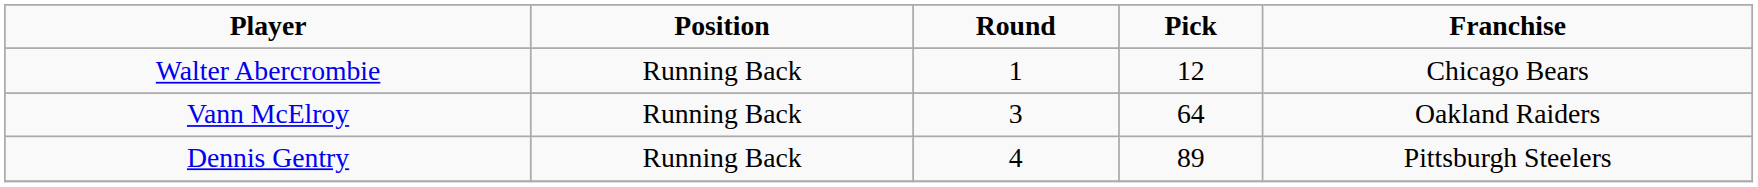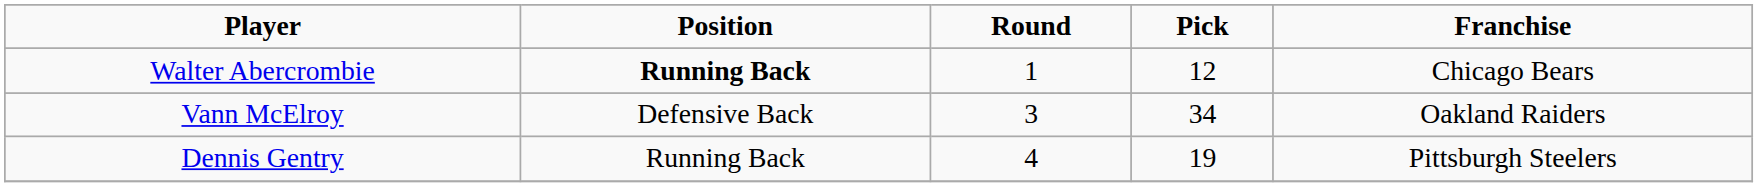 <table class="wikitable" width="80%">
 <tr align="center">
 <td><strong>Player</strong></td>
 <td><strong>Position</strong></td>
 <td><strong>Round</strong></td>
 <td><strong>Pick</strong></td>
 <td><strong>Franchise</strong></td>
 </tr>
 <tr align="center" bgcolor="">
 <td><a href='#'>Walter Abercrombie</a></td>
-<td>Running Back</td>
+<td><strong>Running Back</strong></td>
 <td>1</td>
 <td>12</td>
 <td>Chicago Bears</td>
 </tr>
 <tr align="center" bgcolor="">
 <td><a href='#'>Vann McElroy</a></td>
-<td>Running Back</td>
+<td>Defensive Back</td>
 <td>3</td>
-<td>64</td>
+<td>34</td>
 <td>Oakland Raiders</td>
 </tr>
 <tr align="center" bgcolor="">
 <td><a href='#'>Dennis Gentry</a></td>
 <td>Running Back</td>
 <td>4</td>
-<td>89</td>
+<td>19</td>
 <td>Pittsburgh Steelers</td>
 </tr>
 <tr align="center" bgcolor="">
 </tr>
 </table>
